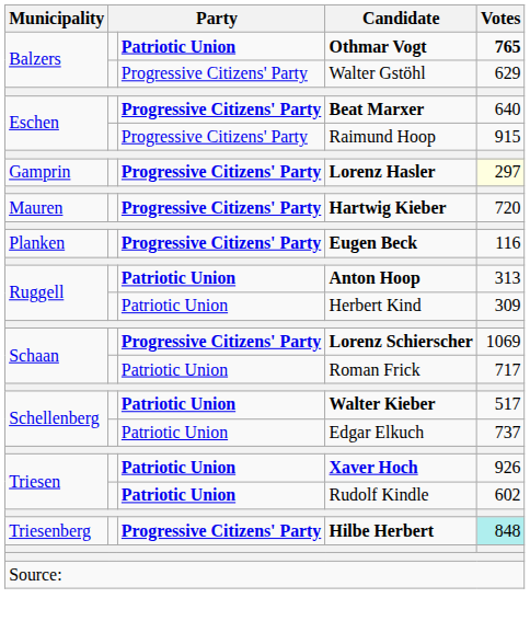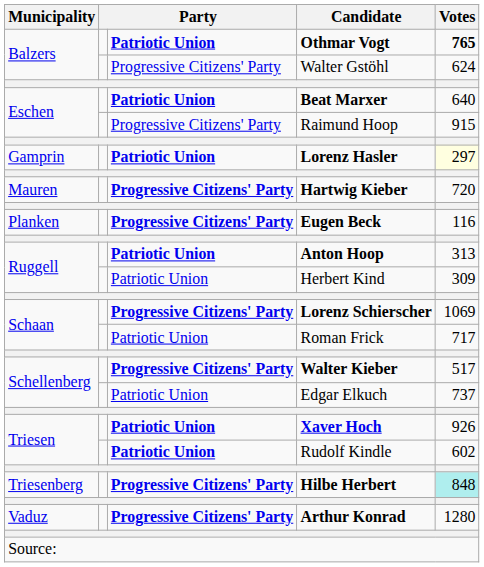 <table class="wikitable" style="text-align:right">
 <tr>
 <th>Municipality</th>
 <th colspan="2">Party</th>
 <th>Candidate</th>
 <th>Votes</th>
 </tr>
 <tr>
 <td rowspan="2" align="left"><a href='#'>Balzers</a></td>
 <td width="1" style="color:inherit;background:"></td>
 <td align="left"><strong><a href='#'>Patriotic Union</a></strong></td>
 <td align="left"><strong>Othmar Vogt</strong></td>
 <td><strong>765</strong></td>
 </tr>
 <tr>
 <td style="color:inherit;background:"></td>
 <td align="left"><a href='#'>Progressive Citizens' Party</a></td>
 <td align="left">Walter Gstöhl</td>
-<td>629</td>
+<td>624</td>
 </tr>
 <tr>
 <th colspan="4"></th>
 <th></th>
 </tr>
 <tr>
 <td rowspan="2" align="left"><a href='#'>Eschen</a></td>
 <td style="color:inherit;background:"></td>
-<td align="left"><strong><a href='#'>Progressive Citizens' Party</a></strong></td>
+<td align="left"><a href='#'><strong>Patriotic Union</strong></a></td>
 <td align="left"><strong>Beat Marxer</strong></td>
 <td>640</td>
 </tr>
 <tr>
 <td width="1" style="color:inherit;background:"></td>
 <td align="left"><a href='#'>Progressive Citizens' Party</a></td>
 <td align="left">Raimund Hoop</td>
 <td>915</td>
 </tr>
 <tr>
 <th colspan="4"></th>
 <th></th>
 </tr>
 <tr>
 <td align="left"><a href='#'>Gamprin</a></td>
 <td style="color:inherit;background:"></td>
-<td align="left"><strong><a href='#'>Progressive Citizens' Party</a></strong></td>
+<td align="left"><strong><a href='#'>Patriotic Union</a></strong></td>
 <td align="left"><strong>Lorenz Hasler</strong></td>
 <td style="background: lightyellow;">297</td>
 </tr>
 <tr>
 <th colspan="4"></th>
 <th></th>
 </tr>
 <tr>
 <td align="left"><a href='#'>Mauren</a></td>
 <td style="color:inherit;background:"></td>
 <td align="left"><strong><a href='#'>Progressive Citizens' Party</a></strong></td>
 <td align="left"><strong>Hartwig Kieber</strong></td>
 <td>720</td>
 </tr>
 <tr>
 <th colspan="4"></th>
 <th></th>
 </tr>
 <tr>
 <td align="left"><a href='#'>Planken</a></td>
 <td style="color:inherit;background:"></td>
 <td align="left"><strong><a href='#'>Progressive Citizens' Party</a></strong></td>
 <td align="left"><strong>Eugen Beck</strong></td>
 <td>116</td>
 </tr>
 <tr>
 <th colspan="4"></th>
 <th></th>
 </tr>
 <tr>
 <td rowspan="2" align="left"><a href='#'>Ruggell</a></td>
 <td style="color:inherit;background:"></td>
 <td align="left"><a href='#'><strong>Patriotic Union</strong></a></td>
 <td align="left"><strong>Anton Hoop</strong></td>
 <td>313</td>
 </tr>
 <tr>
 <td style="color:inherit;background:"></td>
 <td align="left"><a href='#'>Patriotic Union</a></td>
 <td align="left">Herbert Kind</td>
 <td>309</td>
 </tr>
 <tr>
 <th colspan="4"></th>
 <th></th>
 </tr>
 <tr>
 <td rowspan="2" align="left"><a href='#'>Schaan</a></td>
 <td style="color:inherit;background:"></td>
 <td align="left"><strong><a href='#'>Progressive Citizens' Party</a></strong></td>
 <td align="left"><strong>Lorenz Schierscher</strong></td>
 <td>1069</td>
 </tr>
 <tr>
 <td style="color:inherit;background:"></td>
 <td align="left"><a href='#'>Patriotic Union</a></td>
 <td align="left">Roman Frick</td>
 <td>717</td>
 </tr>
 <tr>
 <th colspan="4"></th>
 <th></th>
 </tr>
 <tr>
 <td rowspan="2" align="left"><a href='#'>Schellenberg</a></td>
 <td style="color:inherit;background:"></td>
-<td align="left"><a href='#'><strong>Patriotic Union</strong></a></td>
+<td align="left"><strong><a href='#'>Progressive Citizens' Party</a></strong></td>
 <td align="left"><strong>Walter Kieber</strong></td>
 <td>517</td>
 </tr>
 <tr>
 <td style="color:inherit;background:"></td>
 <td align="left"><a href='#'>Patriotic Union</a></td>
 <td align="left">Edgar Elkuch</td>
 <td>737</td>
 </tr>
 <tr>
 <th colspan="4"></th>
 <th></th>
 </tr>
 <tr>
 <td rowspan="2" align="left"><a href='#'>Triesen</a></td>
 <td style="color:inherit;background:"></td>
 <td align="left"><a href='#'><strong>Patriotic Union</strong></a></td>
 <td align="left"><a href='#'><strong>Xaver Hoch</strong></a></td>
 <td>926</td>
 </tr>
 <tr>
 <td style="color:inherit;background:"></td>
 <td align="left"><strong><a href='#'>Patriotic Union</a></strong></td>
 <td align="left">Rudolf Kindle</td>
 <td>602</td>
 </tr>
 <tr>
 <th colspan="4"></th>
 <th></th>
 </tr>
 <tr>
 <td align="left"><a href='#'>Triesenberg</a></td>
 <td style="color:inherit;background:"></td>
 <td align="left"><strong><a href='#'>Progressive Citizens' Party</a></strong></td>
 <td align="left"><strong>Hilbe Herbert</strong></td>
 <td style="background: paleturquoise;">848</td>
 </tr>
 <tr>
 <th colspan="4"></th>
 <th></th>
 </tr>
 <tr>
+<td align="left"><a href='#'>Vaduz</a></td>
+<td style="color:inherit;background:"></td>
+<td align="left"><strong><a href='#'>Progressive Citizens' Party</a></strong></td>
+<td align="left"><strong>Arthur Konrad</strong></td>
+<td>1280</td>
+</tr>
+<tr>
 <th colspan="5"></th>
 </tr>
 <tr>
 <td colspan="5" align="left">Source: </td>
 </tr>
 </table>
